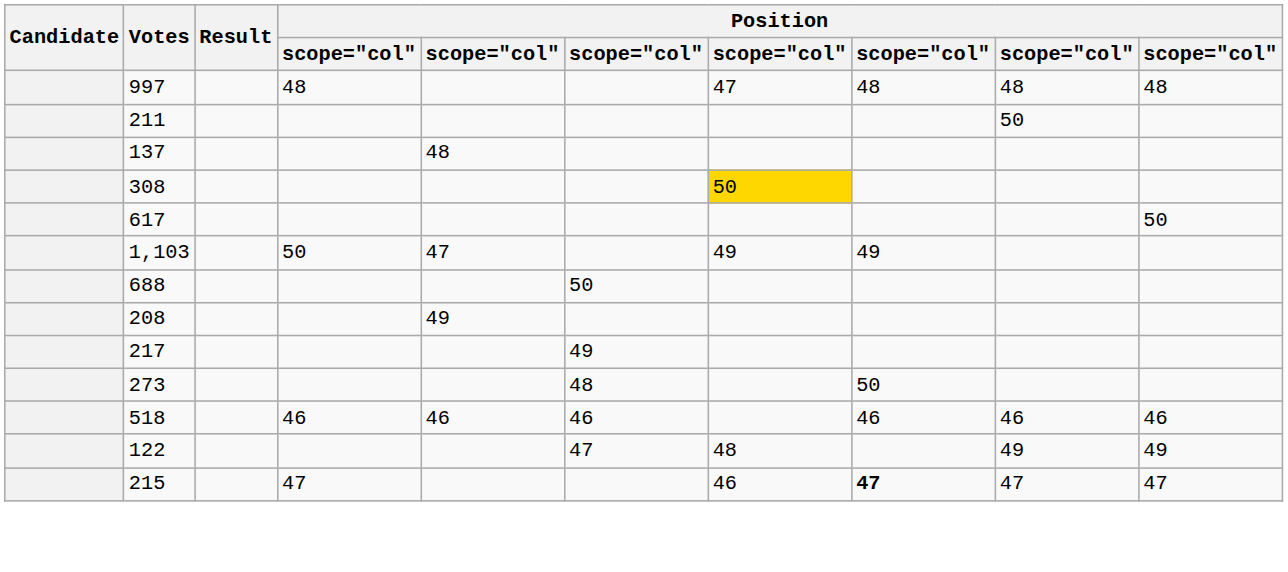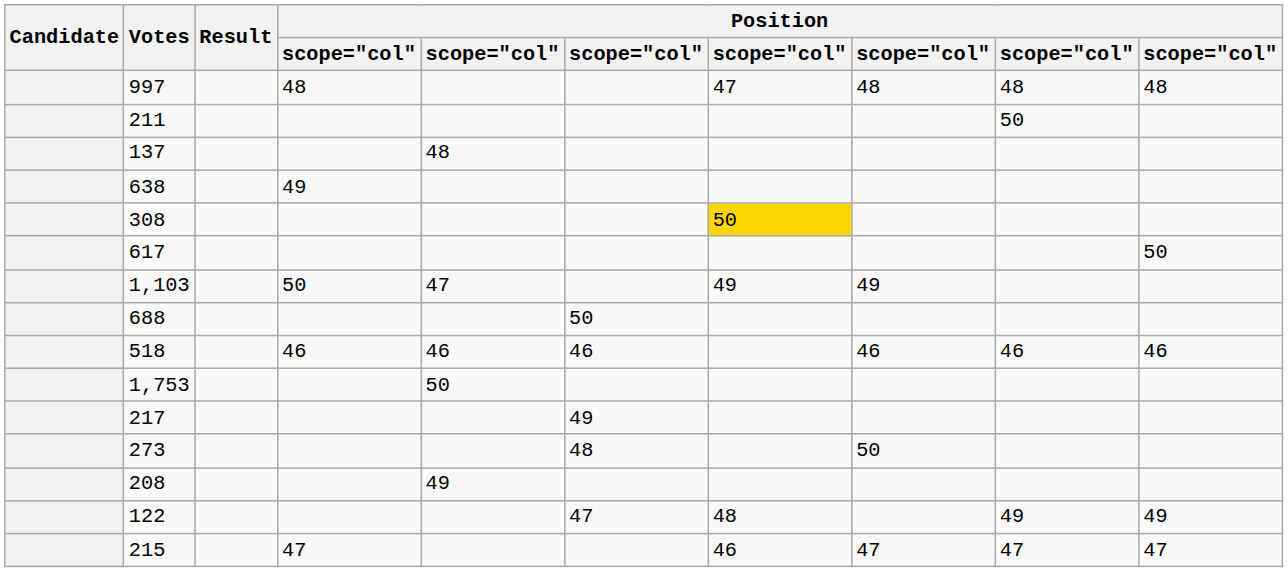 <table class="wikitable sortable defaultright col3left">
 <tr>
 <th scope="col" rowspan="2">Candidate</th>
 <th scope="col" rowspan="2">Votes</th>
 <th scope="col" rowspan="2">Result</th>
 <th scope="col" colspan="7">Position</th>
 </tr>
 <tr>
 <th>scope="col" </th>
 <th>scope="col" </th>
 <th>scope="col" </th>
 <th>scope="col" </th>
 <th>scope="col" </th>
 <th>scope="col" </th>
 <th>scope="col" </th>
 </tr>
 <tr>
 <th scope="row"></th>
 <td>997</td>
 <td></td>
 <td>48</td>
 <td></td>
 <td></td>
 <td>47</td>
 <td>48</td>
 <td>48</td>
 <td>48</td>
 </tr>
 <tr>
 <th scope="row"></th>
 <td>211</td>
 <td></td>
 <td></td>
 <td></td>
 <td></td>
 <td></td>
 <td></td>
 <td>50</td>
 <td></td>
 </tr>
 <tr>
 <th scope="row"></th>
 <td>137</td>
 <td></td>
 <td></td>
 <td>48</td>
+<td></td>
+<td></td>
+<td></td>
+<td></td>
+<td></td>
+</tr>
+<tr>
+<th scope="row"></th>
+<td>638</td>
+<td></td>
+<td>49</td>
+<td></td>
 <td></td>
 <td></td>
 <td></td>
 <td></td>
 <td></td>
 </tr>
 <tr>
 <th scope="row"></th>
 <td>308</td>
 <td></td>
 <td></td>
 <td></td>
 <td></td>
 <td style="background: gold;">50</td>
 <td></td>
 <td></td>
 <td></td>
 </tr>
 <tr>
 <th scope="row"></th>
 <td>617</td>
 <td></td>
 <td></td>
 <td></td>
 <td></td>
 <td></td>
 <td></td>
 <td></td>
 <td>50</td>
 </tr>
 <tr>
 <th scope="row"></th>
 <td>1,103</td>
 <td></td>
 <td>50</td>
 <td>47</td>
 <td></td>
 <td>49</td>
 <td>49</td>
 <td></td>
 <td></td>
 </tr>
 <tr>
 <th scope="row"></th>
 <td>688</td>
 <td></td>
 <td></td>
 <td></td>
 <td>50</td>
 <td></td>
 <td></td>
 <td></td>
 <td></td>
 </tr>
 <tr>
 <th scope="row"></th>
-<td>208</td>
+<td>518</td>
+<td></td>
+<td>46</td>
+<td>46</td>
+<td>46</td>
+<td></td>
+<td>46</td>
+<td>46</td>
+<td>46</td>
+</tr>
+<tr>
+<th scope="row"></th>
+<td>1,753</td>
 <td></td>
 <td></td>
-<td>49</td>
+<td>50</td>
 <td></td>
 <td></td>
 <td></td>
 <td></td>
 <td></td>
 </tr>
 <tr>
 <th scope="row"></th>
 <td>217</td>
 <td></td>
 <td></td>
 <td></td>
 <td>49</td>
 <td></td>
 <td></td>
 <td></td>
 <td></td>
 </tr>
 <tr>
 <th scope="row"></th>
 <td>273</td>
 <td></td>
 <td></td>
 <td></td>
 <td>48</td>
 <td></td>
 <td>50</td>
 <td></td>
 <td></td>
 </tr>
 <tr>
 <th scope="row"></th>
-<td>518</td>
+<td>208</td>
 <td></td>
-<td>46</td>
-<td>46</td>
-<td>46</td>
 <td></td>
-<td>46</td>
-<td>46</td>
-<td>46</td>
+<td>49</td>
+<td></td>
+<td></td>
+<td></td>
+<td></td>
+<td></td>
 </tr>
 <tr>
 <th scope="row"></th>
 <td>122</td>
 <td></td>
 <td></td>
 <td></td>
 <td>47</td>
 <td>48</td>
 <td></td>
 <td>49</td>
 <td>49</td>
 </tr>
 <tr>
 <th scope="row"></th>
 <td>215</td>
 <td></td>
 <td>47</td>
 <td></td>
 <td></td>
 <td>46</td>
-<td><strong>47</strong></td>
+<td>47</td>
 <td>47</td>
 <td>47</td>
 </tr>
 </table>
